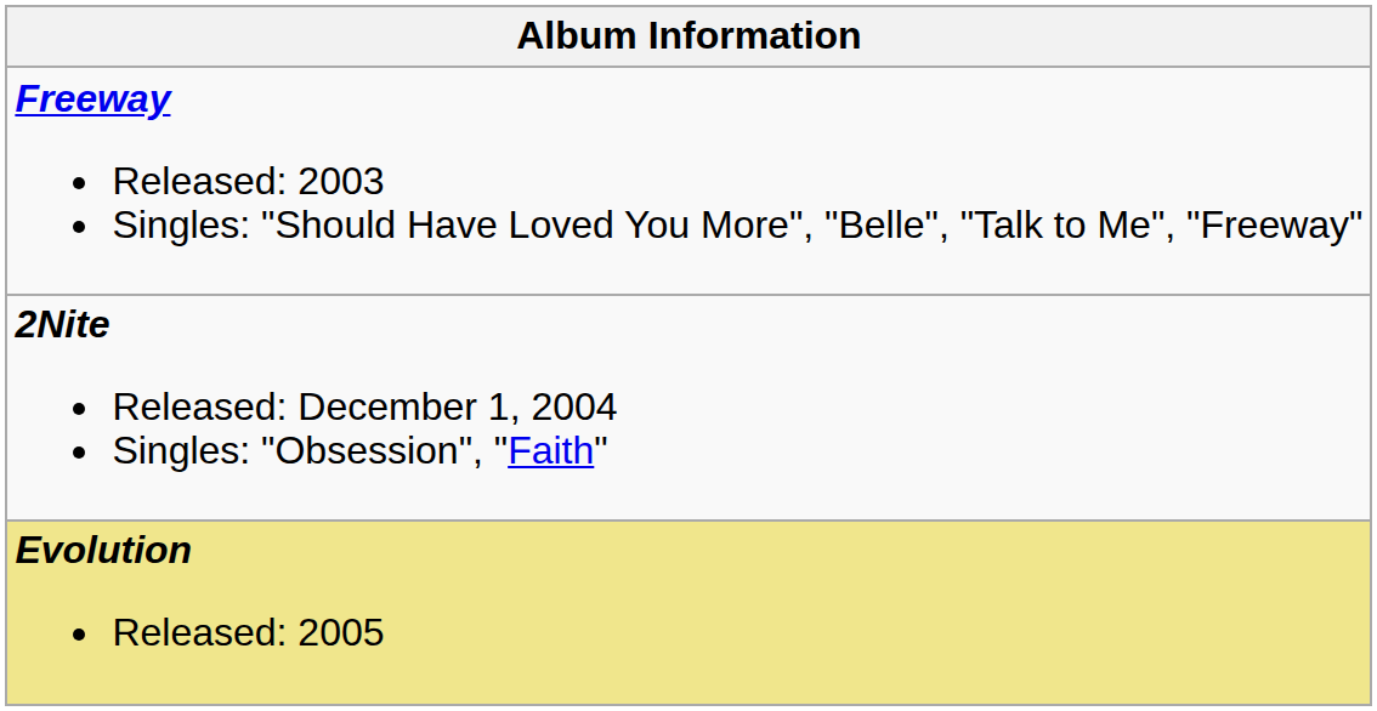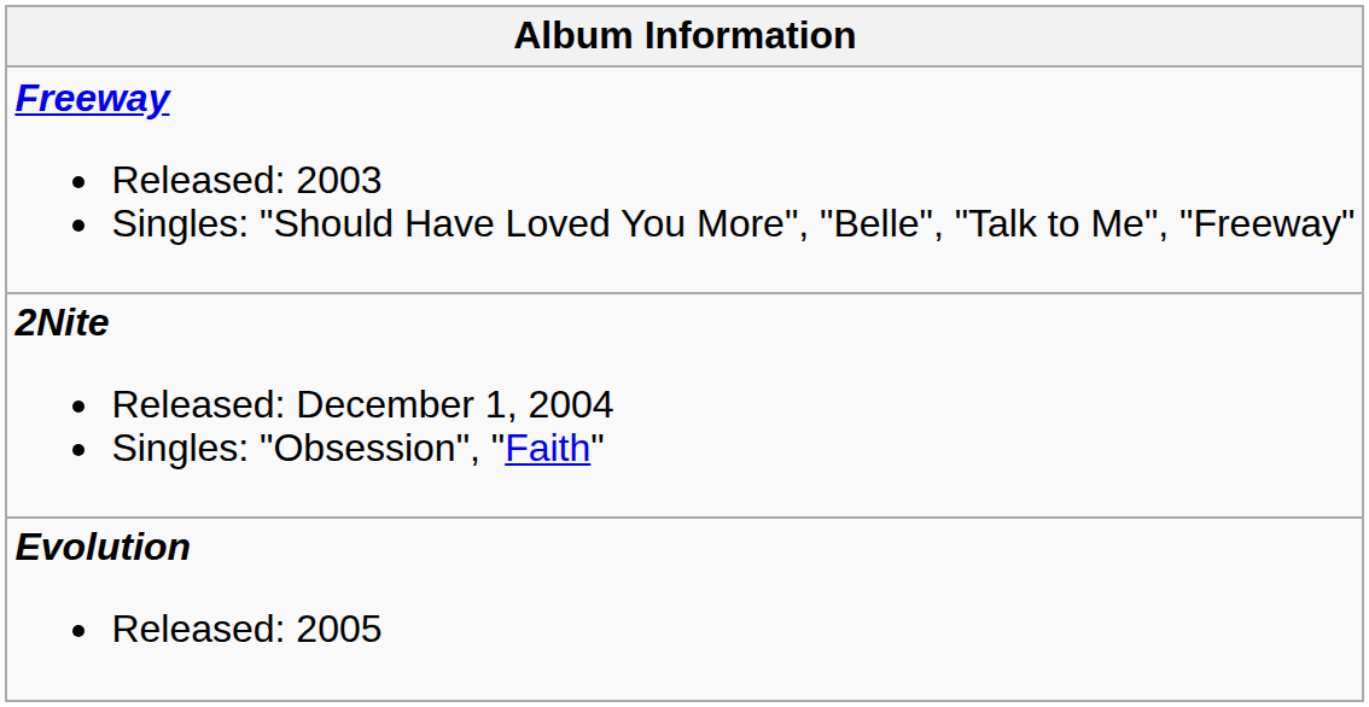 <table class="wikitable">
 <tr>
 <th>Album Information</th>
 </tr>
 <tr>
 <td><a href='#'><strong><em>Freeway</em></strong></a><br><ul><li>Released: 2003</li><li>Singles: "Should Have Loved You More", "Belle", "Talk to Me", "Freeway"</li></ul></td>
 </tr>
 <tr>
 <td><strong><em>2Nite</em></strong><br><ul><li>Released: December 1, 2004</li><li>Singles: "Obsession", "<a href='#'>Faith</a>"</li></ul></td>
 </tr>
 <tr>
-<td style="background: khaki;"><strong><em>Evolution</em></strong><br><ul><li>Released: 2005</li></ul></td>
+<td><strong><em>Evolution</em></strong><br><ul><li>Released: 2005</li></ul></td>
 </tr>
 </table>
